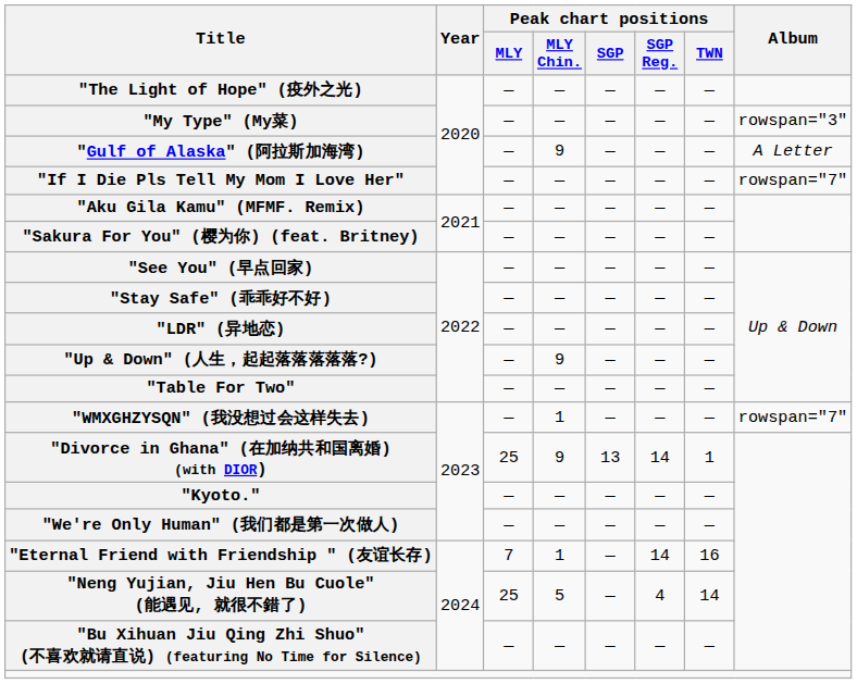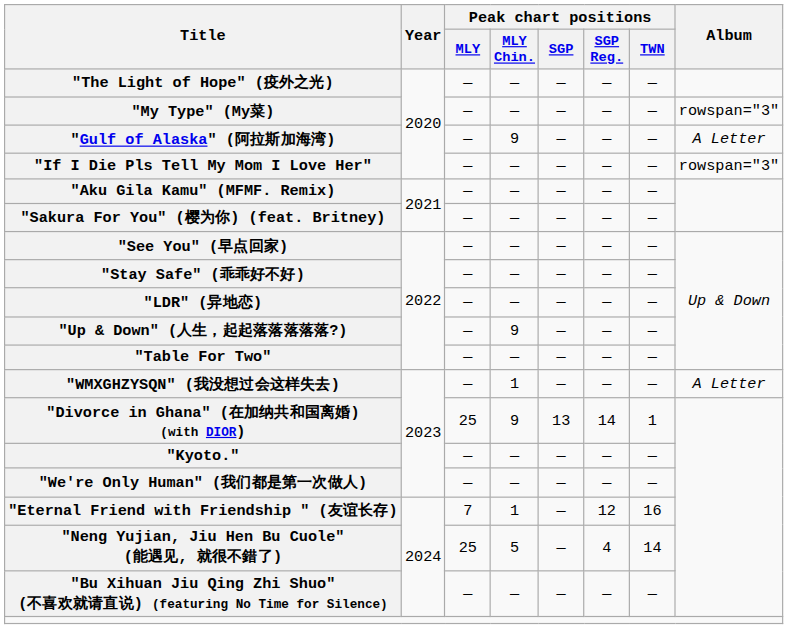 <table class="wikitable plainrowheaders" style="text-align:center;">
 <tr>
 <th rowspan="2" scope="col">Title</th>
 <th rowspan="2" scope="col">Year</th>
 <th colspan="5">Peak chart positions</th>
 <th rowspan="2" scope="col">Album</th>
 </tr>
 <tr>
 <th scope="col" style="width:2.85em;font-size:90%;"><a href='#'>MLY</a><br></th>
 <th scope="col" style="width:2.85em;font-size:90%;"><a href='#'>MLY<br>Chin.</a><br></th>
 <th scope="col" style="width:2.85em;font-size:90%;"><a href='#'>SGP</a><br></th>
 <th scope="col" style="width:2.85em;font-size:90%;"><a href='#'>SGP Reg.</a><br></th>
 <th scope="col" style="width:2.85em;font-size:90%;"><a href='#'>TWN</a><br></th>
 </tr>
 <tr>
 <th scope="row">"The Light of Hope" (疫外之光)</th>
 <td rowspan="4">2020</td>
 <td>—</td>
 <td>—</td>
 <td>—</td>
 <td>—</td>
 <td>—</td>
 <td></td>
 </tr>
 <tr>
 <th scope="row">"My Type" (My菜)</th>
 <td>—</td>
 <td>—</td>
 <td>—</td>
 <td>—</td>
 <td>—</td>
 <td>rowspan="3" </td>
 </tr>
 <tr>
 <th scope="row">"<a href='#'>Gulf of Alaska</a>" (阿拉斯加海湾)</th>
 <td>—</td>
 <td>9</td>
 <td>—</td>
 <td>—</td>
 <td>—</td>
 <td><em>A Letter</em></td>
 </tr>
 <tr>
 <th scope="row">"If I Die Pls Tell My Mom I Love Her"</th>
 <td>—</td>
 <td>—</td>
 <td>—</td>
 <td>—</td>
 <td>—</td>
-<td>rowspan="7" </td>
+<td>rowspan="3" </td>
 </tr>
 <tr>
 <th scope="row">"Aku Gila Kamu" (MFMF. Remix)</th>
 <td rowspan="2">2021</td>
 <td>—</td>
 <td>—</td>
 <td>—</td>
 <td>—</td>
 <td>—</td>
 </tr>
 <tr>
 <th scope="row">"Sakura For You" (樱为你) (feat. Britney)</th>
 <td>—</td>
 <td>—</td>
 <td>—</td>
 <td>—</td>
 <td>—</td>
 </tr>
 <tr>
 <th scope="row">"See You" (早点回家)</th>
 <td rowspan="5">2022</td>
 <td>—</td>
 <td>—</td>
 <td>—</td>
 <td>—</td>
 <td>—</td>
 <td rowspan="5"><em>Up & Down</em></td>
 </tr>
 <tr>
 <th scope="row">"Stay Safe" (乖乖好不好)</th>
 <td>—</td>
 <td>—</td>
 <td>—</td>
 <td>—</td>
 <td>—</td>
 </tr>
 <tr>
 <th scope="row">"LDR" (异地恋)</th>
 <td>—</td>
 <td>—</td>
 <td>—</td>
 <td>—</td>
 <td>—</td>
 </tr>
 <tr>
 <th scope="row">"Up & Down" (人生，起起落落落落落?)</th>
 <td>—</td>
 <td>9</td>
 <td>—</td>
 <td>—</td>
 <td>—</td>
 </tr>
 <tr>
 <th scope="row">"Table For Two"</th>
 <td>—</td>
 <td>—</td>
 <td>—</td>
 <td>—</td>
 <td>—</td>
 </tr>
 <tr>
 <th scope="row">"WMXGHZYSQN" (我没想过会这样失去)</th>
 <td rowspan="4">2023</td>
 <td>—</td>
 <td>1</td>
 <td>—</td>
 <td>—</td>
 <td>—</td>
-<td>rowspan="7" </td>
+<td><em>A Letter</em></td>
 </tr>
 <tr>
 <th scope="row">"Divorce in Ghana" (在加纳共和国离婚)<br><small>(with <a href='#'>DIOR</a></small>)</th>
 <td>25</td>
 <td>9</td>
 <td>13</td>
 <td>14</td>
 <td>1</td>
 </tr>
 <tr>
 <th scope="row">"Kyoto."</th>
 <td>—</td>
 <td>—</td>
 <td>—</td>
 <td>—</td>
 <td>—</td>
 </tr>
 <tr>
 <th scope="row">"We're Only Human" (我们都是第一次做人)</th>
 <td>—</td>
 <td>—</td>
 <td>—</td>
 <td>—</td>
 <td>—</td>
 </tr>
 <tr>
 <th scope="row">"Eternal Friend with Friendship " (友谊长存)</th>
 <td rowspan="3">2024</td>
 <td>7</td>
 <td>1</td>
 <td>—</td>
-<td>14</td>
+<td>12</td>
 <td>16</td>
 </tr>
 <tr>
 <th scope="row">"Neng Yujian, Jiu Hen Bu Cuole"<br>(能遇见, 就很不錯了)</th>
 <td>25</td>
 <td>5</td>
 <td>—</td>
 <td>4</td>
 <td>14</td>
 </tr>
 <tr>
 <th scope="row">"Bu Xihuan Jiu Qing Zhi Shuo"<br>(不喜欢就请直说) <small>(featuring No Time for Silence)</small></th>
 <td>—</td>
 <td>—</td>
 <td>—</td>
 <td>—</td>
 <td>—</td>
 </tr>
 <tr>
 <td colspan="8"></td>
 </tr>
 </table>
